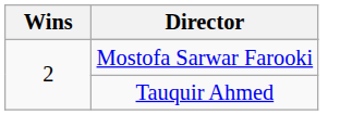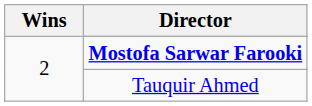 <table class="wikitable" style="text-align:center;">
 <tr>
 <th scope="col" width="55">Wins</th>
 <th scope="col" align="center">Director</th>
 </tr>
 <tr>
 <td rowspan="3" style="text-align:center;">2</td>
 </tr>
 <tr>
-<td><a href='#'>Mostofa Sarwar Farooki</a></td>
+<td><strong><a href='#'>Mostofa Sarwar Farooki</a></strong></td>
 </tr>
 <tr>
 <td><a href='#'>Tauquir Ahmed</a></td>
 </tr>
 </table>
